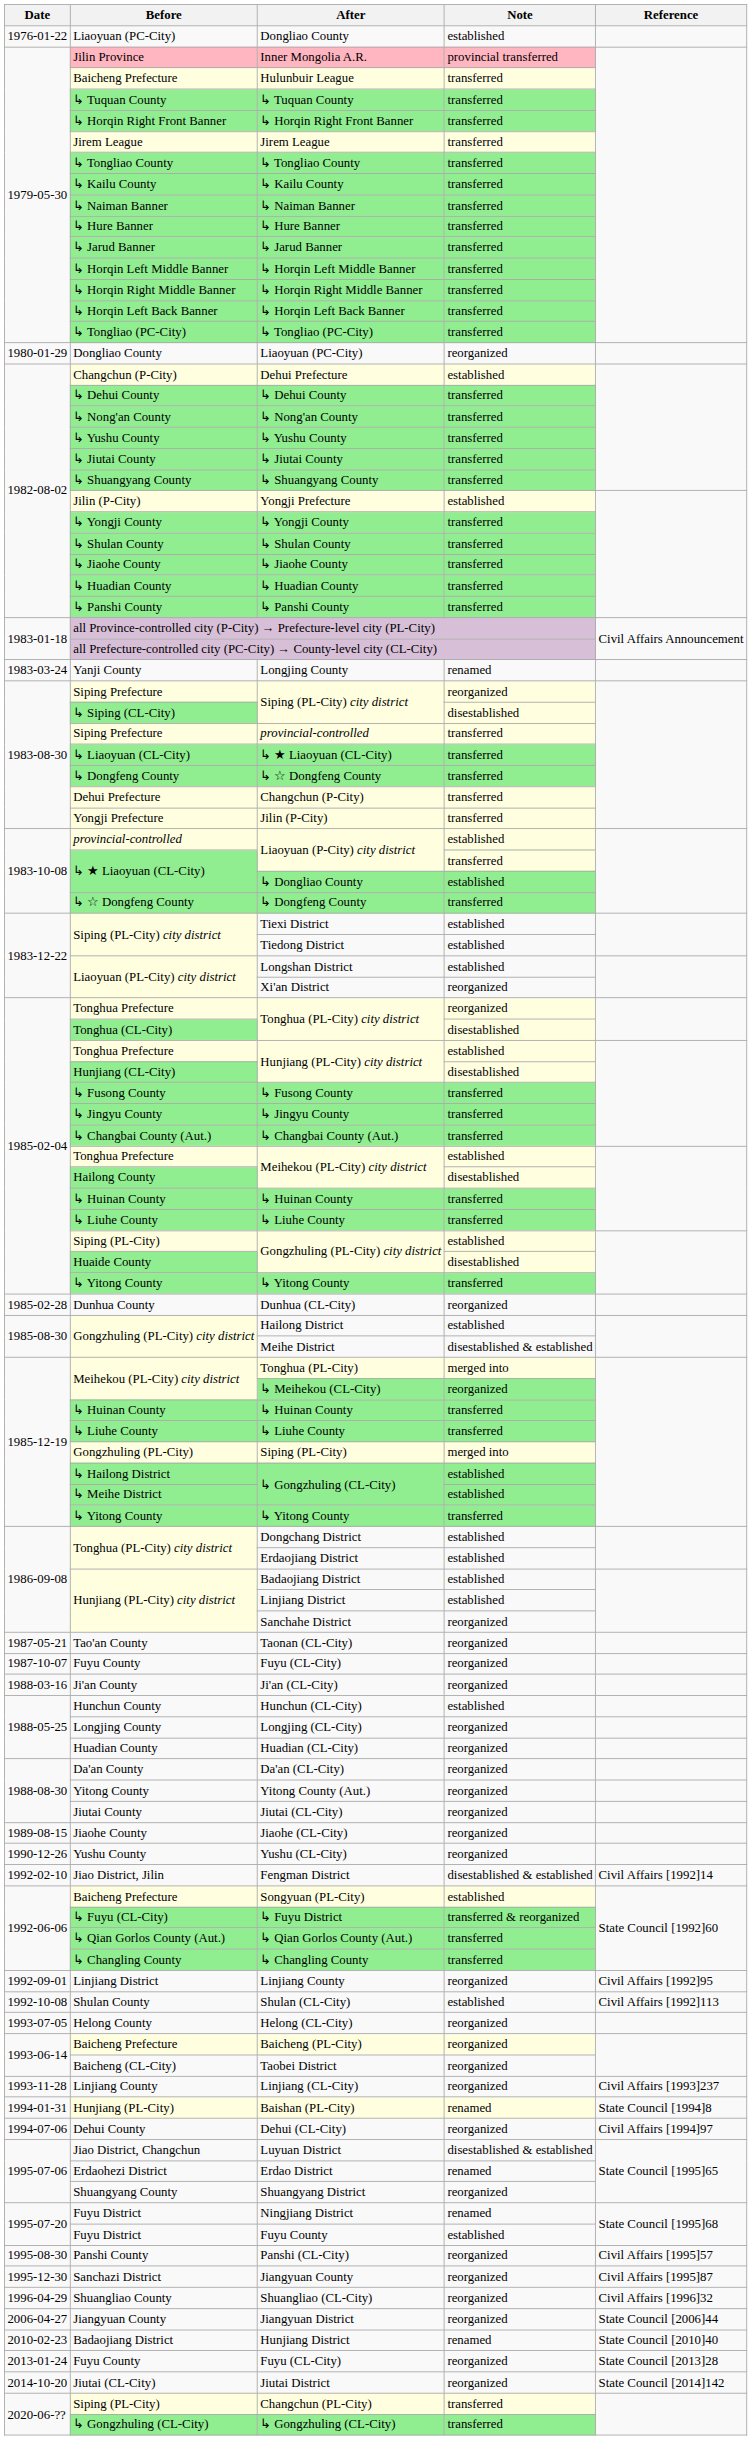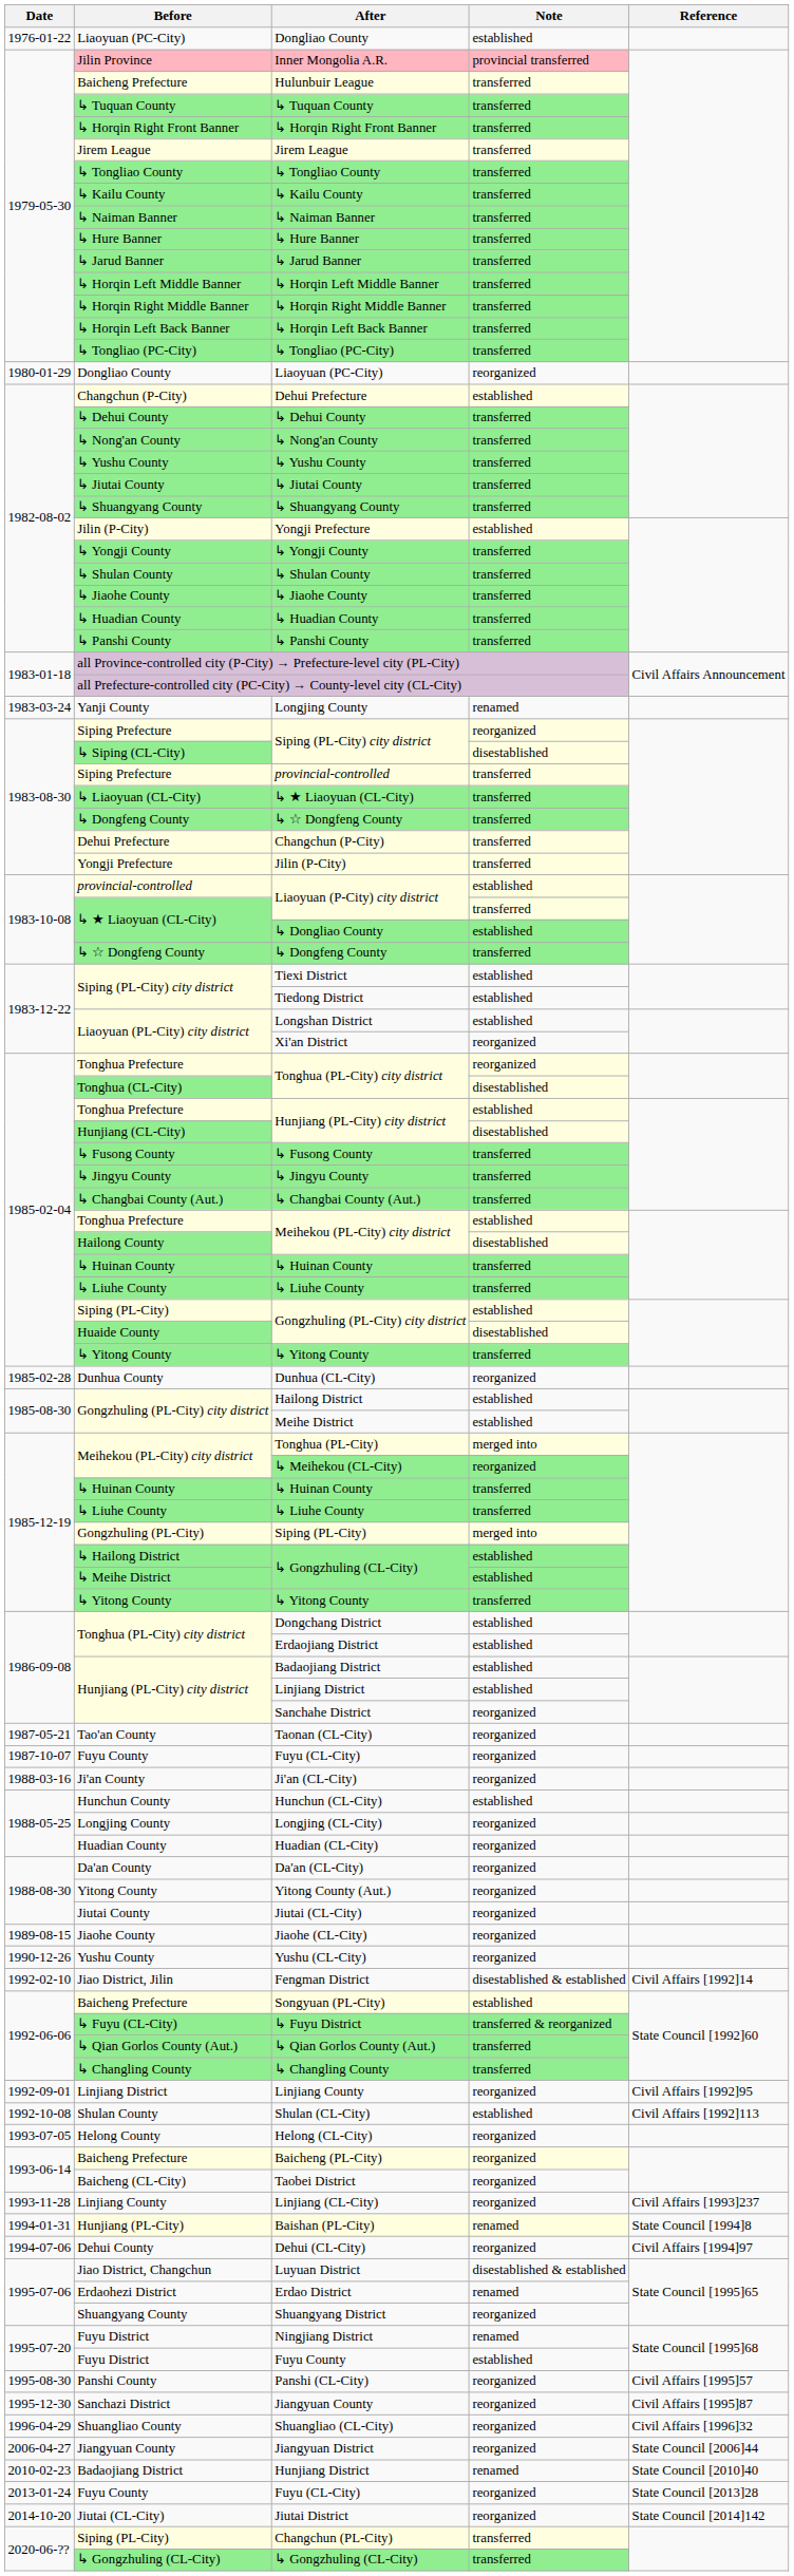 <table class="wikitable" style="font-size:90%;" align="center">
 <tr>
 <th>Date</th>
 <th>Before</th>
 <th>After</th>
 <th>Note</th>
 <th>Reference</th>
 </tr>
 <tr>
 <td>1976-01-22</td>
 <td> Liaoyuan (PC-City)</td>
 <td>Dongliao County</td>
 <td>established</td>
 <td></td>
 </tr>
 <tr>
 <td rowspan="14">1979-05-30</td>
 <td bgcolor="lightpink"> Jilin Province</td>
 <td bgcolor="lightpink">Inner Mongolia A.R.</td>
 <td bgcolor="lightpink">provincial transferred</td>
 <td rowspan="14"></td>
 </tr>
 <tr>
 <td bgcolor="lightyellow"> Baicheng Prefecture</td>
 <td bgcolor="lightyellow">Hulunbuir League</td>
 <td bgcolor="lightyellow">transferred</td>
 </tr>
 <tr bgcolor="lightgreen">
 <td>↳ Tuquan County</td>
 <td>↳ Tuquan County</td>
 <td>transferred</td>
 </tr>
 <tr bgcolor="lightgreen">
 <td>↳ Horqin Right Front Banner</td>
 <td>↳ Horqin Right Front Banner</td>
 <td>transferred</td>
 </tr>
 <tr>
 <td bgcolor="lightyellow">Jirem League</td>
 <td bgcolor="lightyellow">Jirem League</td>
 <td bgcolor="lightyellow">transferred</td>
 </tr>
 <tr bgcolor="lightgreen">
 <td>↳ Tongliao County</td>
 <td>↳ Tongliao County</td>
 <td>transferred</td>
 </tr>
 <tr bgcolor="lightgreen">
 <td>↳ Kailu County</td>
 <td>↳ Kailu County</td>
 <td>transferred</td>
 </tr>
 <tr bgcolor="lightgreen">
 <td>↳ Naiman Banner</td>
 <td>↳ Naiman Banner</td>
 <td>transferred</td>
 </tr>
 <tr bgcolor="lightgreen">
 <td>↳ Hure Banner</td>
 <td>↳ Hure Banner</td>
 <td>transferred</td>
 </tr>
 <tr bgcolor="lightgreen">
 <td>↳ Jarud Banner</td>
 <td>↳ Jarud Banner</td>
 <td>transferred</td>
 </tr>
 <tr bgcolor="lightgreen">
 <td>↳ Horqin Left Middle Banner</td>
 <td>↳ Horqin Left Middle Banner</td>
 <td>transferred</td>
 </tr>
 <tr bgcolor="lightgreen">
 <td>↳ Horqin Right Middle Banner</td>
 <td>↳ Horqin Right Middle Banner</td>
 <td>transferred</td>
 </tr>
 <tr bgcolor="lightgreen">
 <td>↳ Horqin Left Back Banner</td>
 <td>↳ Horqin Left Back Banner</td>
 <td>transferred</td>
 </tr>
 <tr bgcolor="lightgreen">
 <td>↳ Tongliao (PC-City)</td>
 <td>↳ Tongliao (PC-City)</td>
 <td>transferred</td>
 </tr>
 <tr>
 <td>1980-01-29</td>
 <td>Dongliao County</td>
 <td>Liaoyuan (PC-City)</td>
 <td>reorganized</td>
 <td></td>
 </tr>
 <tr>
 <td rowspan="12">1982-08-02</td>
 <td bgcolor="lightyellow"> Changchun (P-City)</td>
 <td bgcolor="lightyellow">Dehui Prefecture</td>
 <td bgcolor="lightyellow">established</td>
 <td rowspan="6"></td>
 </tr>
 <tr bgcolor="lightgreen">
 <td>↳ Dehui County</td>
 <td>↳ Dehui County</td>
 <td>transferred</td>
 </tr>
 <tr bgcolor="lightgreen">
 <td>↳ Nong'an County</td>
 <td>↳ Nong'an County</td>
 <td>transferred</td>
 </tr>
 <tr bgcolor="lightgreen">
 <td>↳ Yushu County</td>
 <td>↳ Yushu County</td>
 <td>transferred</td>
 </tr>
 <tr bgcolor="lightgreen">
 <td>↳ Jiutai County</td>
 <td>↳ Jiutai County</td>
 <td>transferred</td>
 </tr>
 <tr bgcolor="lightgreen">
 <td>↳ Shuangyang County</td>
 <td>↳ Shuangyang County</td>
 <td>transferred</td>
 </tr>
 <tr>
 <td bgcolor="lightyellow"> Jilin (P-City)</td>
 <td bgcolor="lightyellow">Yongji Prefecture</td>
 <td bgcolor="lightyellow">established</td>
 <td rowspan="6"></td>
 </tr>
 <tr bgcolor="lightgreen">
 <td>↳ Yongji County</td>
 <td>↳ Yongji County</td>
 <td>transferred</td>
 </tr>
 <tr bgcolor="lightgreen">
 <td>↳ Shulan County</td>
 <td>↳ Shulan County</td>
 <td>transferred</td>
 </tr>
 <tr bgcolor="lightgreen">
 <td>↳ Jiaohe County</td>
 <td>↳ Jiaohe County</td>
 <td>transferred</td>
 </tr>
 <tr bgcolor="lightgreen">
 <td>↳ Huadian County</td>
 <td>↳ Huadian County</td>
 <td>transferred</td>
 </tr>
 <tr bgcolor="lightgreen">
 <td>↳ Panshi County</td>
 <td>↳ Panshi County</td>
 <td>transferred</td>
 </tr>
 <tr>
 <td rowspan="2">1983-01-18</td>
 <td bgcolor="thistle" colspan="3">all Province-controlled city (P-City) → Prefecture-level city (PL-City)</td>
 <td rowspan="2">Civil Affairs Announcement</td>
 </tr>
 <tr>
 <td bgcolor="thistle" colspan="3">all Prefecture-controlled city (PC-City) → County-level city (CL-City)</td>
 </tr>
 <tr>
 <td>1983-03-24</td>
 <td>Yanji County</td>
 <td>Longjing County</td>
 <td>renamed</td>
 <td></td>
 </tr>
 <tr>
 <td rowspan="7">1983-08-30</td>
 <td bgcolor="lightyellow">Siping Prefecture</td>
 <td bgcolor="lightyellow" rowspan="2">Siping (PL-City) <em>city district</em></td>
 <td bgcolor="lightyellow">reorganized</td>
 <td rowspan="7"></td>
 </tr>
 <tr>
 <td bgcolor="lightgreen">↳ Siping (CL-City)</td>
 <td bgcolor="lightyellow">disestablished</td>
 </tr>
 <tr>
 <td bgcolor="lightyellow"> Siping Prefecture</td>
 <td bgcolor="lightyellow"><em>provincial-controlled</em></td>
 <td bgcolor="lightyellow">transferred</td>
 </tr>
 <tr bgcolor="lightgreen">
 <td>↳ Liaoyuan (CL-City)</td>
 <td>↳ ★ Liaoyuan (CL-City)</td>
 <td>transferred</td>
 </tr>
 <tr bgcolor="lightgreen">
 <td>↳ Dongfeng County</td>
 <td>↳ ☆ Dongfeng County</td>
 <td>transferred</td>
 </tr>
 <tr>
 <td bgcolor="lightyellow">Dehui Prefecture</td>
 <td bgcolor="lightyellow">Changchun (P-City)</td>
 <td bgcolor="lightyellow">transferred</td>
 </tr>
 <tr>
 <td bgcolor="lightyellow">Yongji Prefecture</td>
 <td bgcolor="lightyellow">Jilin (P-City)</td>
 <td bgcolor="lightyellow">transferred</td>
 </tr>
 <tr>
 <td rowspan="4">1983-10-08</td>
 <td bgcolor="lightyellow"><em>provincial-controlled</em></td>
 <td bgcolor="lightyellow" rowspan="2">Liaoyuan (P-City) <em>city district</em></td>
 <td bgcolor="lightyellow">established</td>
 <td rowspan="4"></td>
 </tr>
 <tr bgcolor="lightgreen">
 <td rowspan="2">↳ ★ Liaoyuan (CL-City)</td>
 <td bgcolor="lightyellow">transferred</td>
 </tr>
 <tr bgcolor="lightgreen">
 <td>↳ Dongliao County</td>
 <td>established</td>
 </tr>
 <tr bgcolor="lightgreen">
 <td>↳ ☆ Dongfeng County</td>
 <td>↳ Dongfeng County</td>
 <td>transferred</td>
 </tr>
 <tr>
 <td rowspan="4">1983-12-22</td>
 <td bgcolor="lightyellow" rowspan="2">Siping (PL-City) <em>city district</em></td>
 <td>Tiexi District</td>
 <td>established</td>
 <td rowspan="2"></td>
 </tr>
 <tr>
 <td>Tiedong District</td>
 <td>established</td>
 </tr>
 <tr>
 <td bgcolor="lightyellow" rowspan="2">Liaoyuan (PL-City) <em>city district</em></td>
 <td>Longshan District</td>
 <td>established</td>
 <td rowspan="2"></td>
 </tr>
 <tr>
 <td>Xi'an District</td>
 <td>reorganized</td>
 </tr>
 <tr>
 <td rowspan="14">1985-02-04</td>
 <td bgcolor="lightyellow">Tonghua Prefecture</td>
 <td bgcolor="lightyellow" rowspan="2">Tonghua (PL-City) <em>city district</em></td>
 <td bgcolor="lightyellow">reorganized</td>
 <td rowspan="2"></td>
 </tr>
 <tr>
 <td bgcolor="lightgreen">Tonghua (CL-City)</td>
 <td bgcolor="lightyellow">disestablished</td>
 </tr>
 <tr>
 <td bgcolor="lightyellow"> Tonghua Prefecture</td>
 <td bgcolor="lightyellow" rowspan="2">Hunjiang (PL-City) <em>city district</em></td>
 <td bgcolor="lightyellow">established</td>
 <td rowspan="5"></td>
 </tr>
 <tr>
 <td bgcolor="lightgreen">Hunjiang (CL-City)</td>
 <td bgcolor="lightyellow">disestablished</td>
 </tr>
 <tr bgcolor="lightgreen">
 <td>↳ Fusong County</td>
 <td>↳ Fusong County</td>
 <td>transferred</td>
 </tr>
 <tr bgcolor="lightgreen">
 <td>↳ Jingyu County</td>
 <td>↳ Jingyu County</td>
 <td>transferred</td>
 </tr>
 <tr bgcolor="lightgreen">
 <td>↳ Changbai County (Aut.)</td>
 <td>↳ Changbai County (Aut.)</td>
 <td>transferred</td>
 </tr>
 <tr>
 <td bgcolor="lightyellow"> Tonghua Prefecture</td>
 <td bgcolor="lightyellow" rowspan="2">Meihekou (PL-City) <em>city district</em></td>
 <td bgcolor="lightyellow">established</td>
 <td rowspan="4"></td>
 </tr>
 <tr>
 <td bgcolor="lightgreen">Hailong County</td>
 <td bgcolor="lightyellow">disestablished</td>
 </tr>
 <tr bgcolor="lightgreen">
 <td>↳ Huinan County</td>
 <td>↳ Huinan County</td>
 <td>transferred</td>
 </tr>
 <tr bgcolor="lightgreen">
 <td>↳ Liuhe County</td>
 <td>↳ Liuhe County</td>
 <td>transferred</td>
 </tr>
 <tr>
 <td bgcolor="lightyellow"> Siping (PL-City)</td>
 <td bgcolor="lightyellow" rowspan="2">Gongzhuling (PL-City) <em>city district</em></td>
 <td bgcolor="lightyellow">established</td>
 <td rowspan="3"></td>
 </tr>
 <tr>
 <td bgcolor="lightgreen">Huaide County</td>
 <td bgcolor="lightyellow">disestablished</td>
 </tr>
 <tr bgcolor="lightgreen">
 <td>↳ Yitong County</td>
 <td>↳ Yitong County</td>
 <td>transferred</td>
 </tr>
 <tr>
 <td>1985-02-28</td>
 <td>Dunhua County</td>
 <td>Dunhua (CL-City)</td>
 <td>reorganized</td>
 <td></td>
 </tr>
 <tr>
 <td rowspan="2">1985-08-30</td>
 <td bgcolor="lightyellow" rowspan="2">Gongzhuling (PL-City) <em>city district</em></td>
 <td>Hailong District</td>
 <td>established</td>
 <td rowspan="2"></td>
 </tr>
 <tr>
 <td>Meihe District</td>
-<td>disestablished & established</td>
+<td>established</td>
 </tr>
 <tr>
 <td rowspan="8">1985-12-19</td>
 <td bgcolor="lightyellow" rowspan="2">Meihekou (PL-City) <em>city district</em></td>
 <td bgcolor="lightyellow">Tonghua (PL-City)</td>
 <td bgcolor="lightyellow">merged into</td>
 <td rowspan="8"></td>
 </tr>
 <tr bgcolor="lightgreen">
 <td>↳ Meihekou (CL-City)</td>
 <td>reorganized</td>
 </tr>
 <tr bgcolor="lightgreen">
 <td>↳ Huinan County</td>
 <td>↳ Huinan County</td>
 <td>transferred</td>
 </tr>
 <tr bgcolor="lightgreen">
 <td>↳ Liuhe County</td>
 <td>↳ Liuhe County</td>
 <td>transferred</td>
 </tr>
 <tr>
 <td bgcolor="lightyellow">Gongzhuling (PL-City)</td>
 <td bgcolor="lightyellow">Siping (PL-City)</td>
 <td bgcolor="lightyellow">merged into</td>
 </tr>
 <tr bgcolor="lightgreen">
 <td>↳ Hailong District</td>
 <td rowspan="2">↳ Gongzhuling (CL-City)</td>
 <td>established</td>
 </tr>
 <tr bgcolor="lightgreen">
 <td>↳ Meihe District</td>
 <td>established</td>
 </tr>
 <tr bgcolor="lightgreen">
 <td>↳ Yitong County</td>
 <td>↳ Yitong County</td>
 <td>transferred</td>
 </tr>
 <tr>
 <td rowspan="5">1986-09-08</td>
 <td bgcolor="lightyellow" rowspan="2">Tonghua (PL-City) <em>city district</em></td>
 <td>Dongchang District</td>
 <td>established</td>
 <td rowspan="2"></td>
 </tr>
 <tr>
 <td>Erdaojiang District</td>
 <td>established</td>
 </tr>
 <tr>
 <td bgcolor="lightyellow" rowspan="3">Hunjiang (PL-City) <em>city district</em></td>
 <td>Badaojiang District</td>
 <td>established</td>
 <td rowspan="3"></td>
 </tr>
 <tr>
 <td>Linjiang District</td>
 <td>established</td>
 </tr>
 <tr>
 <td>Sanchahe District</td>
 <td>reorganized</td>
 </tr>
 <tr>
 <td>1987-05-21</td>
 <td>Tao'an County</td>
 <td>Taonan (CL-City)</td>
 <td>reorganized</td>
 <td></td>
 </tr>
 <tr>
 <td>1987-10-07</td>
 <td>Fuyu County</td>
 <td>Fuyu (CL-City)</td>
 <td>reorganized</td>
 <td></td>
 </tr>
 <tr>
 <td>1988-03-16</td>
 <td>Ji'an County</td>
 <td>Ji'an (CL-City)</td>
 <td>reorganized</td>
 <td></td>
 </tr>
 <tr>
 <td rowspan="3">1988-05-25</td>
 <td>Hunchun County</td>
 <td>Hunchun (CL-City)</td>
 <td>established</td>
 <td></td>
 </tr>
 <tr>
 <td>Longjing County</td>
 <td>Longjing (CL-City)</td>
 <td>reorganized</td>
 <td></td>
 </tr>
 <tr>
 <td>Huadian County</td>
 <td>Huadian (CL-City)</td>
 <td>reorganized</td>
 <td></td>
 </tr>
 <tr>
 <td rowspan="3">1988-08-30</td>
 <td>Da'an County</td>
 <td>Da'an (CL-City)</td>
 <td>reorganized</td>
 <td></td>
 </tr>
 <tr>
 <td>Yitong County</td>
 <td>Yitong County (Aut.)</td>
 <td>reorganized</td>
 <td></td>
 </tr>
 <tr>
 <td>Jiutai County</td>
 <td>Jiutai (CL-City)</td>
 <td>reorganized</td>
 <td></td>
 </tr>
 <tr>
 <td>1989-08-15</td>
 <td>Jiaohe County</td>
 <td>Jiaohe (CL-City)</td>
 <td>reorganized</td>
 <td></td>
 </tr>
 <tr>
 <td>1990-12-26</td>
 <td>Yushu County</td>
 <td>Yushu (CL-City)</td>
 <td>reorganized</td>
 <td></td>
 </tr>
 <tr>
 <td>1992-02-10</td>
 <td>Jiao District, Jilin</td>
 <td>Fengman District</td>
 <td>disestablished & established</td>
 <td>Civil Affairs [1992]14</td>
 </tr>
 <tr>
 <td rowspan="4">1992-06-06</td>
 <td bgcolor="lightyellow"> Baicheng Prefecture</td>
 <td bgcolor="lightyellow">Songyuan (PL-City)</td>
 <td bgcolor="lightyellow">established</td>
 <td rowspan="4">State Council [1992]60</td>
 </tr>
 <tr bgcolor="lightgreen">
 <td>↳ Fuyu (CL-City)</td>
 <td>↳ Fuyu District</td>
 <td>transferred & reorganized</td>
 </tr>
 <tr bgcolor="lightgreen">
 <td>↳ Qian Gorlos County (Aut.)</td>
 <td>↳ Qian Gorlos County (Aut.)</td>
 <td>transferred</td>
 </tr>
 <tr bgcolor="lightgreen">
 <td>↳ Changling County</td>
 <td>↳ Changling County</td>
 <td>transferred</td>
 </tr>
 <tr>
 <td>1992-09-01</td>
 <td>Linjiang District</td>
 <td>Linjiang County</td>
 <td>reorganized</td>
 <td>Civil Affairs [1992]95</td>
 </tr>
 <tr>
 <td>1992-10-08</td>
 <td>Shulan County</td>
 <td>Shulan (CL-City)</td>
 <td>established</td>
 <td>Civil Affairs [1992]113</td>
 </tr>
 <tr>
 <td>1993-07-05</td>
 <td>Helong County</td>
 <td>Helong (CL-City)</td>
 <td>reorganized</td>
 <td></td>
 </tr>
 <tr>
 <td rowspan="2">1993-06-14</td>
 <td bgcolor="lightyellow">Baicheng Prefecture</td>
 <td bgcolor="lightyellow">Baicheng (PL-City)</td>
 <td bgcolor="lightyellow">reorganized</td>
 <td rowspan="2"></td>
 </tr>
 <tr>
 <td>Baicheng (CL-City)</td>
 <td>Taobei District</td>
 <td>reorganized</td>
 </tr>
 <tr>
 <td>1993-11-28</td>
 <td>Linjiang County</td>
 <td>Linjiang (CL-City)</td>
 <td>reorganized</td>
 <td>Civil Affairs [1993]237</td>
 </tr>
 <tr>
 <td>1994-01-31</td>
 <td bgcolor="lightyellow">Hunjiang (PL-City)</td>
 <td bgcolor="lightyellow">Baishan (PL-City)</td>
 <td bgcolor="lightyellow">renamed</td>
 <td>State Council [1994]8</td>
 </tr>
 <tr>
 <td>1994-07-06</td>
 <td>Dehui County</td>
 <td>Dehui (CL-City)</td>
 <td>reorganized</td>
 <td>Civil Affairs [1994]97</td>
 </tr>
 <tr>
 <td rowspan="3">1995-07-06</td>
 <td>Jiao District, Changchun</td>
 <td>Luyuan District</td>
 <td>disestablished & established</td>
 <td rowspan="3">State Council [1995]65</td>
 </tr>
 <tr>
 <td>Erdaohezi District</td>
 <td>Erdao District</td>
 <td>renamed</td>
 </tr>
 <tr>
 <td>Shuangyang County</td>
 <td>Shuangyang District</td>
 <td>reorganized</td>
 </tr>
 <tr>
 <td rowspan="2">1995-07-20</td>
 <td>Fuyu District</td>
 <td>Ningjiang District</td>
 <td>renamed</td>
 <td rowspan="2">State Council [1995]68</td>
 </tr>
 <tr>
 <td> Fuyu District</td>
 <td>Fuyu County</td>
 <td>established</td>
 </tr>
 <tr>
 <td>1995-08-30</td>
 <td>Panshi County</td>
 <td>Panshi (CL-City)</td>
 <td>reorganized</td>
 <td>Civil Affairs [1995]57</td>
 </tr>
 <tr>
 <td>1995-12-30</td>
 <td>Sanchazi District</td>
 <td>Jiangyuan County</td>
 <td>reorganized</td>
 <td>Civil Affairs [1995]87</td>
 </tr>
 <tr>
 <td>1996-04-29</td>
 <td>Shuangliao County</td>
 <td>Shuangliao (CL-City)</td>
 <td>reorganized</td>
 <td>Civil Affairs [1996]32</td>
 </tr>
 <tr>
 <td>2006-04-27</td>
 <td>Jiangyuan County</td>
 <td>Jiangyuan District</td>
 <td>reorganized</td>
 <td>State Council [2006]44</td>
 </tr>
 <tr>
 <td>2010-02-23</td>
 <td>Badaojiang District</td>
 <td>Hunjiang District</td>
 <td>renamed</td>
 <td>State Council [2010]40</td>
 </tr>
 <tr>
 <td>2013-01-24</td>
 <td>Fuyu County</td>
 <td>Fuyu (CL-City)</td>
 <td>reorganized</td>
 <td>State Council [2013]28</td>
 </tr>
 <tr>
 <td>2014-10-20</td>
 <td>Jiutai (CL-City)</td>
 <td>Jiutai District</td>
 <td>reorganized</td>
 <td>State Council [2014]142</td>
 </tr>
 <tr>
 <td rowspan="2">2020-06-??</td>
 <td bgcolor="lightyellow"> Siping (PL-City)</td>
 <td bgcolor="lightyellow">Changchun (PL-City)</td>
 <td bgcolor="lightyellow">transferred</td>
 <td rowspan="2"></td>
 </tr>
 <tr bgcolor="lightgreen">
 <td>↳ Gongzhuling (CL-City)</td>
 <td>↳ Gongzhuling (CL-City)</td>
 <td>transferred</td>
 </tr>
 </table>
